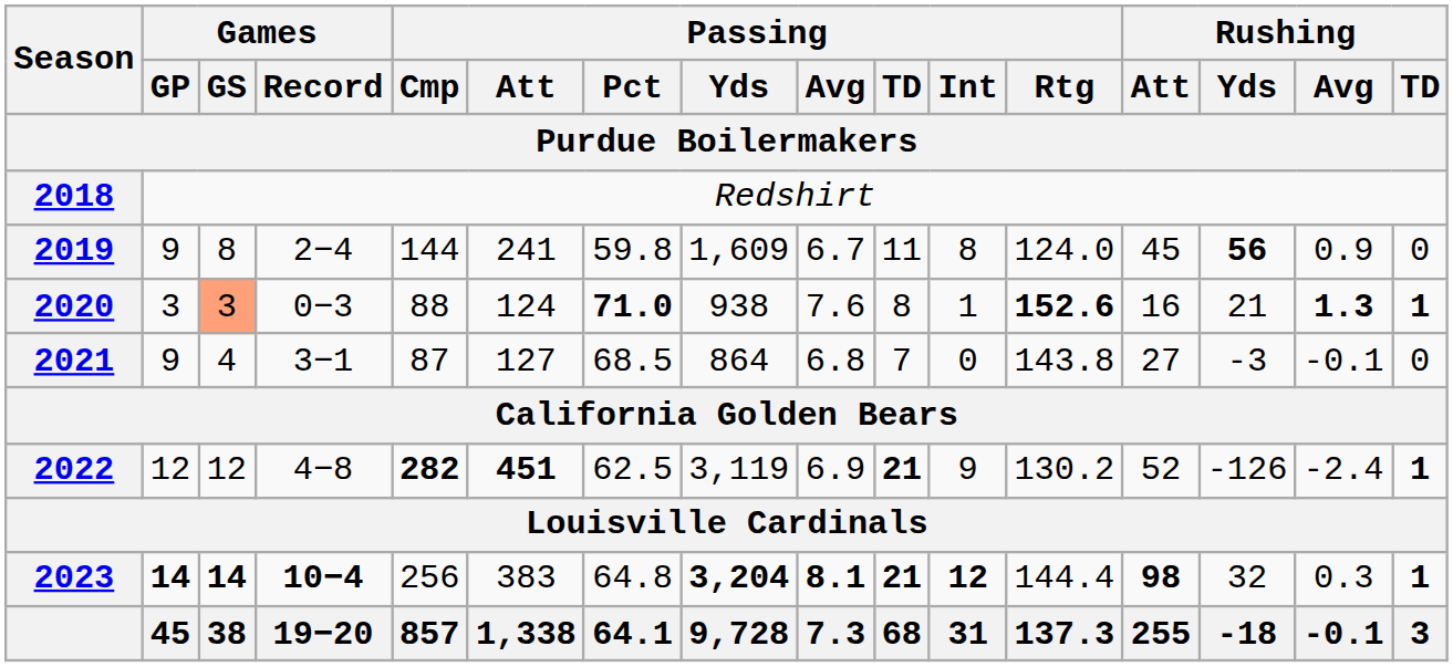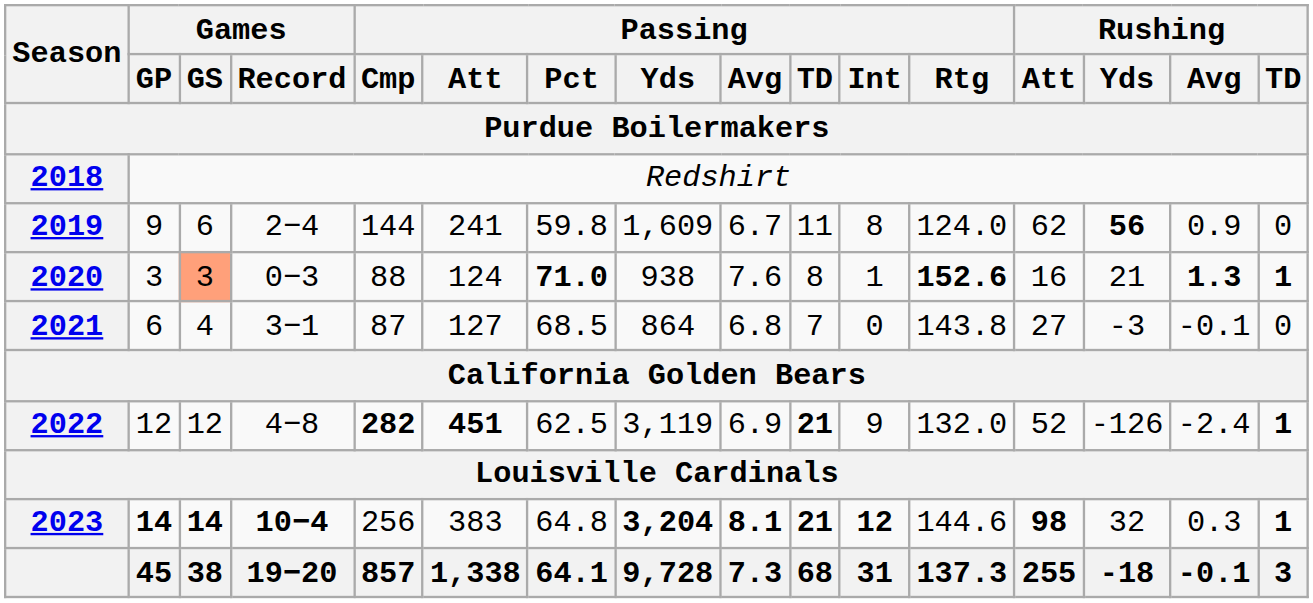 <table class="wikitable" style="text-align:center;">
 <tr>
 <th rowspan="2">Season</th>
 <th colspan="3">Games</th>
 <th colspan="8">Passing</th>
 <th colspan="5">Rushing</th>
 </tr>
 <tr>
 <th>GP</th>
 <th>GS</th>
 <th>Record</th>
 <th>Cmp</th>
 <th>Att</th>
 <th>Pct</th>
 <th>Yds</th>
 <th>Avg</th>
 <th>TD</th>
 <th>Int</th>
 <th>Rtg</th>
 <th>Att</th>
 <th>Yds</th>
 <th>Avg</th>
 <th>TD</th>
 </tr>
 <tr>
 <th colspan="16">Purdue Boilermakers</th>
 </tr>
 <tr>
 <th><a href='#'>2018</a></th>
 <td colspan="15"><em>Redshirt </em></td>
 </tr>
 <tr>
 <th><a href='#'>2019</a></th>
 <td>9</td>
-<td>8</td>
+<td>6</td>
 <td>2−4</td>
 <td>144</td>
 <td>241</td>
 <td>59.8</td>
 <td>1,609</td>
 <td>6.7</td>
 <td>11</td>
 <td>8</td>
 <td>124.0</td>
-<td>45</td>
+<td>62</td>
 <td><strong>56</strong></td>
 <td>0.9</td>
 <td>0</td>
 </tr>
 <tr>
 <th><a href='#'>2020</a></th>
 <td>3</td>
 <td style="background: lightsalmon;">3</td>
 <td>0−3</td>
 <td>88</td>
 <td>124</td>
 <td><strong>71.0</strong></td>
 <td>938</td>
 <td>7.6</td>
 <td>8</td>
 <td>1</td>
 <td><strong>152.6</strong></td>
 <td>16</td>
 <td>21</td>
 <td><strong>1.3</strong></td>
 <td><strong>1</strong></td>
 </tr>
 <tr>
 <th><a href='#'>2021</a></th>
-<td>9</td>
+<td>6</td>
 <td>4</td>
 <td>3−1</td>
 <td>87</td>
 <td>127</td>
 <td>68.5</td>
 <td>864</td>
 <td>6.8</td>
 <td>7</td>
 <td>0</td>
 <td>143.8</td>
 <td>27</td>
 <td>-3</td>
 <td>-0.1</td>
 <td>0</td>
 </tr>
 <tr>
 <th colspan="16">California Golden Bears</th>
 </tr>
 <tr>
 <th><a href='#'>2022</a></th>
 <td>12</td>
 <td>12</td>
 <td>4−8</td>
 <td><strong>282</strong></td>
 <td><strong>451</strong></td>
 <td>62.5</td>
 <td>3,119</td>
 <td>6.9</td>
 <td><strong>21</strong></td>
 <td>9</td>
-<td>130.2</td>
+<td>132.0</td>
 <td>52</td>
 <td>-126</td>
 <td>-2.4</td>
 <td><strong>1</strong></td>
 </tr>
 <tr>
 <th colspan="16">Louisville Cardinals</th>
 </tr>
 <tr>
 <th><a href='#'>2023</a></th>
 <td><strong>14</strong></td>
 <td><strong>14</strong></td>
 <td><strong>10−4</strong></td>
 <td>256</td>
 <td>383</td>
 <td>64.8</td>
 <td><strong>3,204</strong></td>
 <td><strong>8.1</strong></td>
 <td><strong>21</strong></td>
 <td><strong>12</strong></td>
-<td>144.4</td>
+<td>144.6</td>
 <td><strong>98</strong></td>
 <td>32</td>
 <td>0.3</td>
 <td><strong>1</strong></td>
 </tr>
 <tr>
 <th></th>
 <th>45</th>
 <th>38</th>
 <th>19−20</th>
 <th>857</th>
 <th>1,338</th>
 <th>64.1</th>
 <th>9,728</th>
 <th>7.3</th>
 <th>68</th>
 <th>31</th>
 <th>137.3</th>
 <th>255</th>
 <th>-18</th>
 <th>-0.1</th>
 <th>3</th>
 </tr>
 </table>
